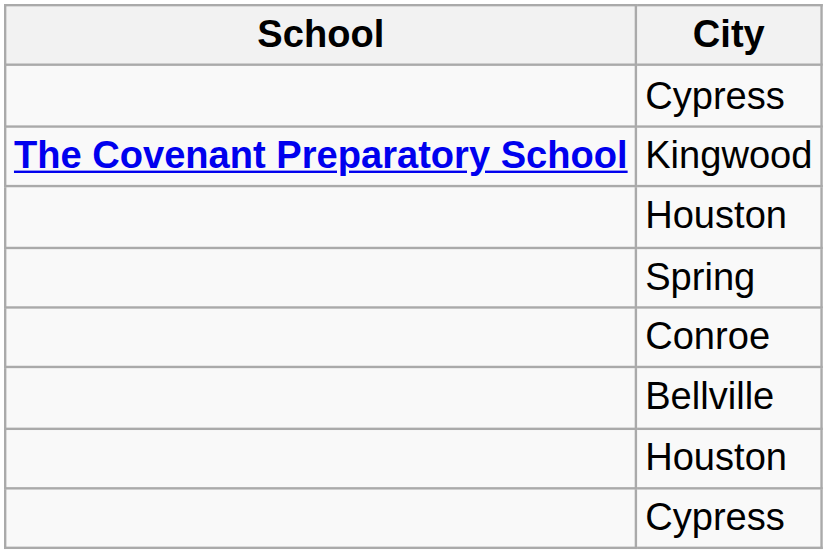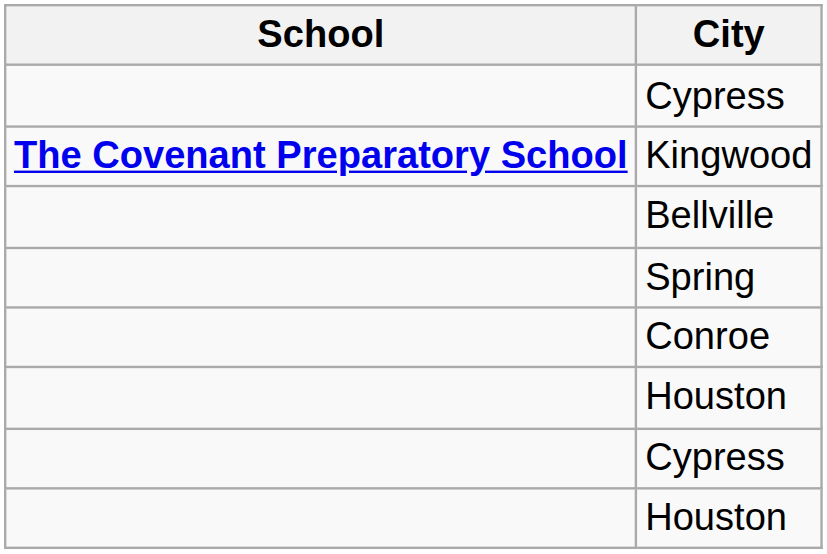 <table class="wikitable">
 <tr>
 <th>School</th>
 <th>City</th>
 </tr>
 <tr>
 <td></td>
 <td>Cypress</td>
 </tr>
 <tr>
 <td><strong><a href='#'>The Covenant Preparatory School</a></strong></td>
 <td>Kingwood</td>
 </tr>
 <tr>
 <td></td>
-<td>Houston</td>
+<td>Bellville</td>
 </tr>
 <tr>
 <td></td>
 <td>Spring</td>
 </tr>
 <tr>
 <td></td>
 <td>Conroe</td>
 </tr>
 <tr>
 <td></td>
-<td>Bellville</td>
-</tr>
-<tr>
-<td></td>
 <td>Houston</td>
 </tr>
 <tr>
 <td></td>
 <td>Cypress</td>
 </tr>
+<tr>
+<td></td>
+<td>Houston</td>
+</tr>
 </table>
